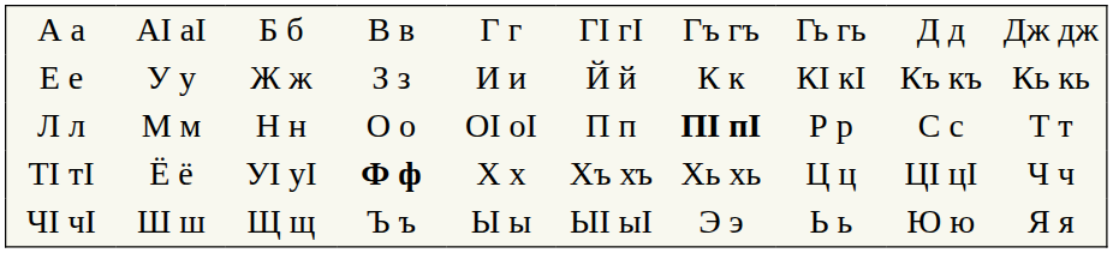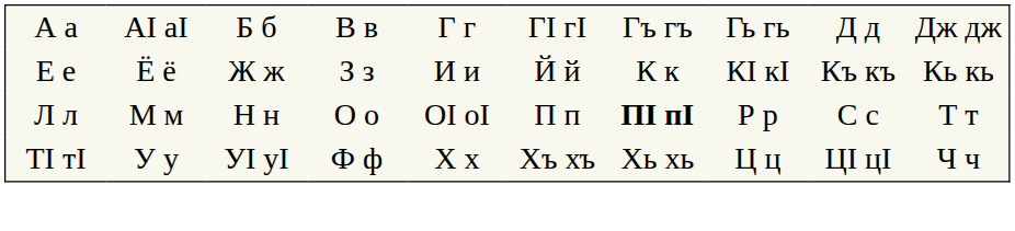 <table style="font-family:Arial Unicode MS; font-size:1.4em; border-color:#000000; border-width:1px; border-style:solid; border-collapse:collapse; background-color:#F8F8EF">
 <tr>
 <td style="width:3em; text-align:center; padding: 3px;">А а</td>
 <td style="width:3em; text-align:center; padding: 3px;">АӀ аӀ</td>
 <td style="width:3em; text-align:center; padding: 3px;">Б б</td>
 <td style="width:3em; text-align:center; padding: 3px;">В в</td>
 <td style="width:3em; text-align:center; padding: 3px;">Г г</td>
 <td style="width:3em; text-align:center; padding: 3px;">ГӀ гӀ</td>
 <td style="width:3em; text-align:center; padding: 3px;">Гъ гъ</td>
 <td style="width:3em; text-align:center; padding: 3px;">Гь гь</td>
 <td style="width:3em; text-align:center; padding: 3px;">Д д</td>
 <td style="width:3em; text-align:center; padding: 3px;">Дж дж</td>
 </tr>
 <tr>
 <td style="width:3em; text-align:center; padding: 3px;">Е е</td>
-<td style="width:3em; text-align:center; padding: 3px;">У у</td>
+<td style="width:3em; text-align:center; padding: 3px;">Ё ё</td>
 <td style="width:3em; text-align:center; padding: 3px;">Ж ж</td>
 <td style="width:3em; text-align:center; padding: 3px;">З з</td>
 <td style="width:3em; text-align:center; padding: 3px;">И и</td>
 <td style="width:3em; text-align:center; padding: 3px;">Й й</td>
 <td style="width:3em; text-align:center; padding: 3px;">К к</td>
 <td style="width:3em; text-align:center; padding: 3px;">КӀ кӀ</td>
 <td style="width:3em; text-align:center; padding: 3px;">Къ къ</td>
 <td style="width:3em; text-align:center; padding: 3px;">Кь кь</td>
 </tr>
 <tr>
 <td style="width:3em; text-align:center; padding: 3px;">Л л</td>
 <td style="width:3em; text-align:center; padding: 3px;">М м</td>
 <td style="width:3em; text-align:center; padding: 3px;">Н н</td>
 <td style="width:3em; text-align:center; padding: 3px;">О о</td>
 <td style="width:3em; text-align:center; padding: 3px;">ОӀ оӀ</td>
 <td style="width:3em; text-align:center; padding: 3px;">П п</td>
 <td style="width:3em; text-align:center; padding: 3px;"><strong>ПӀ пӀ</strong></td>
 <td style="width:3em; text-align:center; padding: 3px;">Р р</td>
 <td style="width:3em; text-align:center; padding: 3px;">С с</td>
 <td style="width:3em; text-align:center; padding: 3px;">Т т</td>
 </tr>
 <tr>
 <td style="width:3em; text-align:center; padding: 3px;">ТӀ тӀ</td>
-<td style="width:3em; text-align:center; padding: 3px;">Ё ё</td>
+<td style="width:3em; text-align:center; padding: 3px;">У у</td>
 <td style="width:3em; text-align:center; padding: 3px;">УӀ уӀ</td>
-<td style="width:3em; text-align:center; padding: 3px;"><strong>Ф ф</strong></td>
+<td style="width:3em; text-align:center; padding: 3px;">Ф ф</td>
 <td style="width:3em; text-align:center; padding: 3px;">Х х</td>
 <td style="width:3em; text-align:center; padding: 3px;">Хъ хъ</td>
 <td style="width:3em; text-align:center; padding: 3px;">Хь хь</td>
 <td style="width:3em; text-align:center; padding: 3px;">Ц ц</td>
 <td style="width:3em; text-align:center; padding: 3px;">ЦӀ цӀ</td>
 <td style="width:3em; text-align:center; padding: 3px;">Ч ч</td>
 </tr>
-<tr>
-<td style="width:3em; text-align:center; padding: 3px;">ЧӀ чӀ</td>
-<td style="width:3em; text-align:center; padding: 3px;">Ш ш</td>
-<td style="width:3em; text-align:center; padding: 3px;">Щ щ</td>
-<td style="width:3em; text-align:center; padding: 3px;">Ъ ъ</td>
-<td style="width:3em; text-align:center; padding: 3px;">Ы ы</td>
-<td style="width:3em; text-align:center; padding: 3px;">ЫӀ ыӀ</td>
-<td style="width:3em; text-align:center; padding: 3px;">Э э</td>
-<td style="width:3em; text-align:center; padding: 3px;">Ь ь</td>
-<td style="width:3em; text-align:center; padding: 3px;">Ю ю</td>
-<td style="width:3em; text-align:center; padding: 3px;">Я я</td>
-</tr>
 </table>
